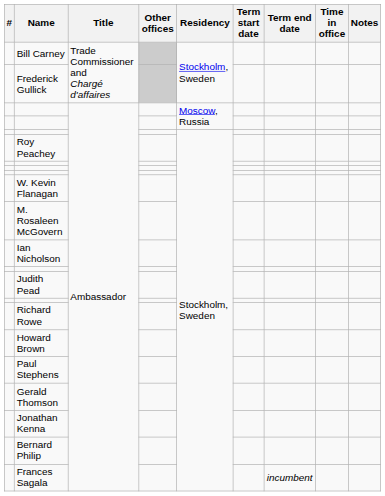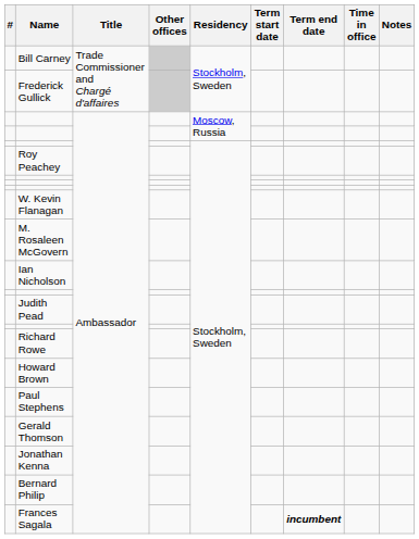 <table class='wikitable sortable'>
 <tr>
 <th>#</th>
 <th>Name</th>
 <th>Title</th>
 <th>Other offices</th>
 <th>Residency</th>
 <th>Term start date</th>
 <th>Term end date</th>
 <th>Time in office</th>
 <th>Notes</th>
 </tr>
 <tr>
 <td align=center></td>
 <td>Bill Carney</td>
 <td rowspan=2>Trade Commissioner and<br><em>Chargé d'affaires</em></td>
 <th style="background: #cccccc;"></th>
 <td rowspan=2><a href='#'>Stockholm</a>, Sweden</td>
 <td align=center></td>
 <td align=center></td>
 <td align=right></td>
 <td></td>
 </tr>
 <tr>
 <td align=center></td>
 <td>Frederick Gullick</td>
 <th style="background: #cccccc;"></th>
 <td align=center></td>
 <td align=center></td>
 <td align=right></td>
 <td></td>
 </tr>
 <tr>
 <td align=center></td>
 <td></td>
 <td rowspan=20>Ambassador</td>
 <td></td>
 <td rowspan=2><a href='#'>Moscow</a>, Russia</td>
 <td align=center></td>
 <td align=center></td>
 <td align=right></td>
 <td></td>
 </tr>
 <tr>
 <td align=center></td>
 <td></td>
 <td></td>
 <td align=center></td>
 <td align=center></td>
 <td align=right></td>
 <td></td>
 </tr>
 <tr>
 <td align=center></td>
 <td></td>
 <td></td>
 <td rowspan=18>Stockholm, Sweden</td>
 <td align=center></td>
 <td align=center></td>
 <td align=right></td>
 <td></td>
 </tr>
 <tr>
 <td align=center></td>
 <td>Roy Peachey</td>
 <td></td>
 <td align=center></td>
 <td align=center></td>
 <td align=right></td>
 <td></td>
 </tr>
 <tr>
 <td align=center></td>
 <td></td>
 <td></td>
 <td align=center></td>
 <td align=center></td>
 <td align=right></td>
 <td></td>
 </tr>
 <tr>
 <td align=center></td>
 <td></td>
 <td></td>
 <td align=center></td>
 <td align=center></td>
 <td align=right></td>
 <td></td>
 </tr>
 <tr>
 <td align=center></td>
 <td></td>
 <td></td>
 <td align=center></td>
 <td align=center></td>
 <td align=right></td>
 <td></td>
 </tr>
 <tr>
 <td align=center></td>
 <td>W. Kevin Flanagan</td>
 <td></td>
 <td align=center></td>
 <td align=center></td>
 <td align=right></td>
 <td></td>
 </tr>
 <tr>
 <td align=center></td>
 <td>M. Rosaleen McGovern</td>
 <td></td>
 <td align=center></td>
 <td align=center></td>
 <td align=right></td>
 <td></td>
 </tr>
 <tr>
 <td align=center></td>
 <td>Ian Nicholson</td>
 <td></td>
 <td align=center></td>
 <td align=center></td>
 <td align=right></td>
 <td></td>
 </tr>
 <tr>
 <td align=center></td>
 <td></td>
 <td></td>
 <td align=center></td>
 <td align=center></td>
 <td align=right><strong></strong></td>
 <td></td>
 </tr>
 <tr>
 <td align=center></td>
 <td>Judith Pead</td>
 <td></td>
 <td align=center></td>
 <td align=center></td>
 <td align=right></td>
 <td></td>
 </tr>
 <tr>
 <td align=center></td>
 <td></td>
 <td></td>
 <td align=center></td>
 <td align=center></td>
 <td align=right></td>
 <td></td>
 </tr>
 <tr>
 <td align=center></td>
 <td>Richard Rowe</td>
 <td></td>
 <td align=center></td>
 <td align=center></td>
 <td align=right></td>
 <td></td>
 </tr>
 <tr>
 <td align=center></td>
 <td>Howard Brown</td>
 <td></td>
 <td align=center></td>
 <td align=center></td>
 <td align=right></td>
 <td></td>
 </tr>
 <tr>
 <td align=center></td>
 <td>Paul Stephens</td>
 <td></td>
 <td align=center></td>
 <td align=center></td>
 <td align=right></td>
 <td></td>
 </tr>
 <tr>
 <td align=center></td>
 <td>Gerald Thomson</td>
 <td></td>
 <td align=center></td>
 <td align=center></td>
 <td align=right></td>
 <td></td>
 </tr>
 <tr>
 <td align=center></td>
 <td>Jonathan Kenna</td>
 <td></td>
 <td align=center></td>
 <td align=center></td>
 <td align=right></td>
 <td></td>
 </tr>
 <tr>
 <td align=center></td>
 <td>Bernard Philip</td>
 <td></td>
 <td align=center></td>
 <td align=center></td>
 <td align=right></td>
 <td></td>
 </tr>
 <tr>
 <td align=center></td>
 <td>Frances Sagala</td>
 <td></td>
 <td align=center></td>
-<td align=center><em>incumbent</em></td>
+<td align=center><strong><em>incumbent</em></strong></td>
 <td align=right></td>
 <td></td>
 </tr>
 </table>
